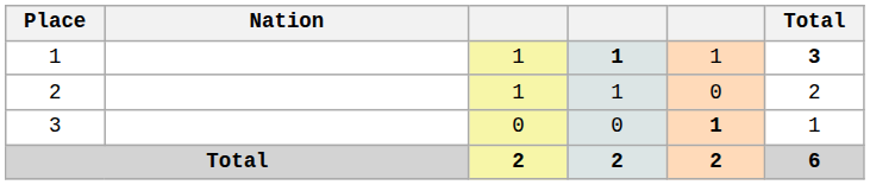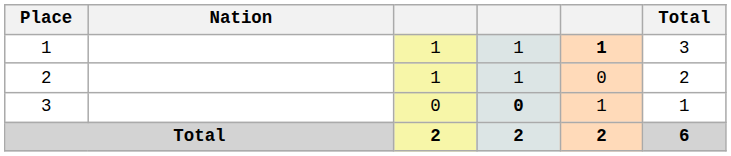 <table class="wikitable" style="border:1px solid #aaa; font-size:90%;">
 <tr style="background:#efefef;">
 <th width=50>Place</th>
 <th width=200>Nation</th>
 <th width=50></th>
 <th width=50></th>
 <th width=50></th>
 <th width=50>Total</th>
 </tr>
 <tr style="vertical-align:top; text-align:center; background:#fff;">
 <td>1</td>
 <td style="text-align:left;"></td>
 <td style="background:#F7F6A8;">1</td>
-<td style="background:#DCE5E5;"><strong>1</strong></td>
-<td style="background:#FFDAB9;">1</td>
-<td><strong>3</strong></td>
+<td style="background:#DCE5E5;">1</td>
+<td style="background:#FFDAB9;"><strong>1</strong></td>
+<td>3</td>
 </tr>
 <tr style="vertical-align:top; text-align:center; background:#fff;">
 <td>2</td>
 <td style="text-align:left;"></td>
 <td style="background:#F7F6A8;">1</td>
 <td style="background:#DCE5E5;">1</td>
 <td style="background:#FFDAB9;">0</td>
 <td>2</td>
 </tr>
 <tr style="vertical-align:top; text-align:center; background:#fff;">
 <td>3</td>
 <td style="text-align:left;"></td>
 <td style="background:#F7F6A8;">0</td>
-<td style="background:#DCE5E5;">0</td>
-<td style="background:#FFDAB9;"><strong>1</strong></td>
+<td style="background:#DCE5E5;"><strong>0</strong></td>
+<td style="background:#FFDAB9;">1</td>
 <td>1</td>
 </tr>
 <tr style="text-align:center;">
 <td colspan="2" style="background:#d3d3d3;"><strong>Total</strong></td>
 <td style="background:#F7F6A8;"><strong>2</strong></td>
 <td style="background:#DCE5E5;"><strong>2</strong></td>
 <td style="background:#FFDAB9;"><strong>2</strong></td>
 <td style="background:#d3d3d3;"><strong>6</strong></td>
 </tr>
 </table>
